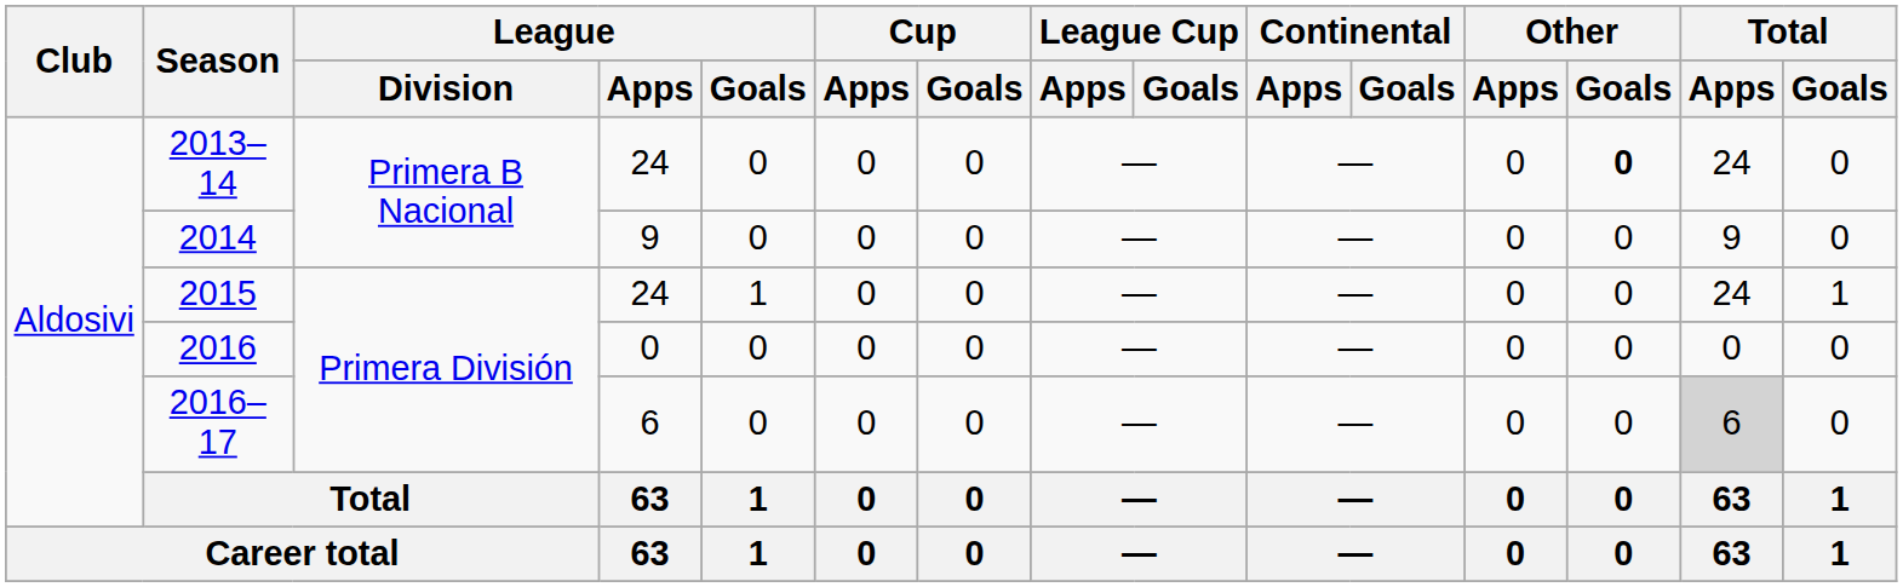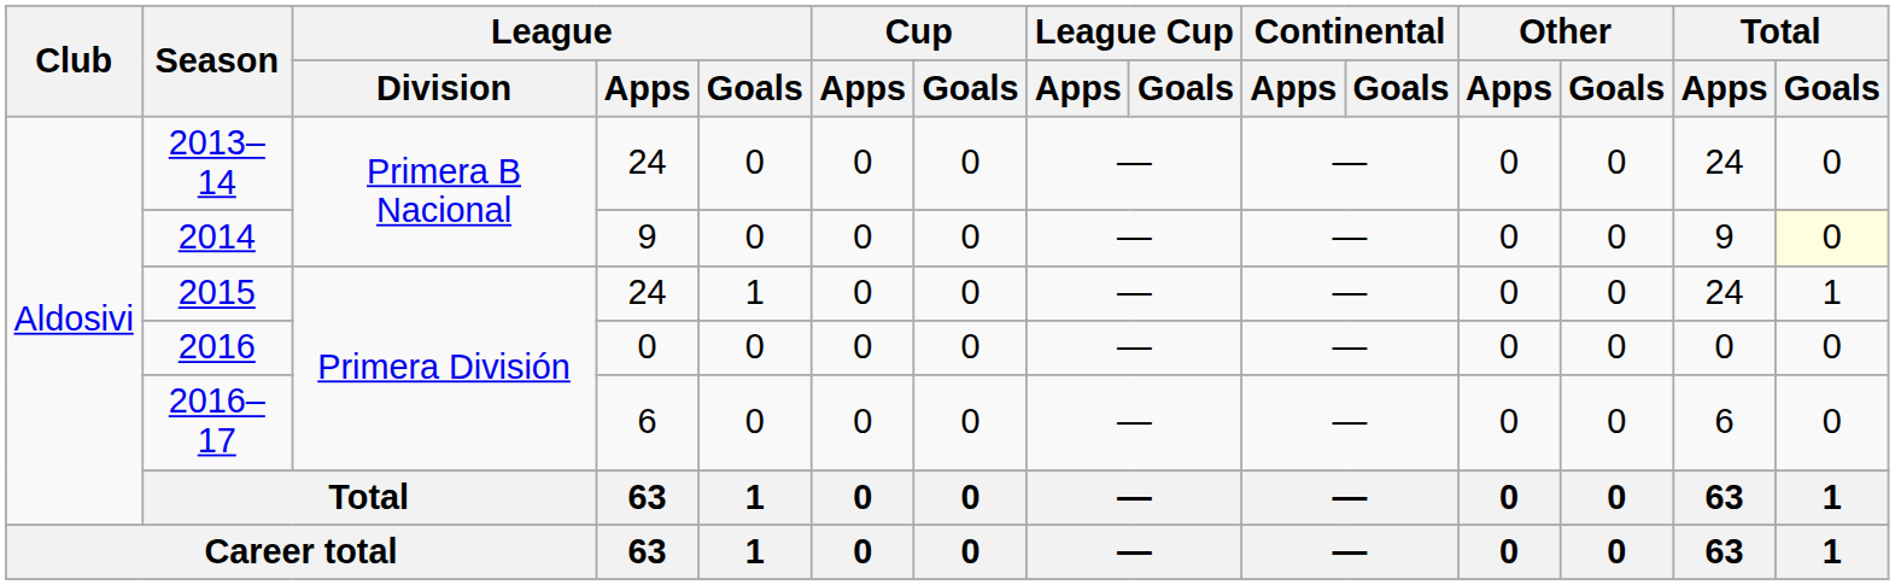 <table class="wikitable" style="text-align:center">
 <tr>
 <th rowspan="2">Club</th>
 <th rowspan="2">Season</th>
 <th colspan="3">League</th>
 <th colspan="2">Cup</th>
 <th colspan="2">League Cup</th>
 <th colspan="2">Continental</th>
 <th colspan="2">Other</th>
 <th colspan="2">Total</th>
 </tr>
 <tr>
 <th>Division</th>
 <th>Apps</th>
 <th>Goals</th>
 <th>Apps</th>
 <th>Goals</th>
 <th>Apps</th>
 <th>Goals</th>
 <th>Apps</th>
 <th>Goals</th>
 <th>Apps</th>
 <th>Goals</th>
 <th>Apps</th>
 <th>Goals</th>
 </tr>
 <tr>
 <td rowspan="6"><a href='#'>Aldosivi</a></td>
 <td><a href='#'>2013–14</a></td>
 <td rowspan="2"><a href='#'>Primera B Nacional</a></td>
 <td>24</td>
 <td>0</td>
 <td>0</td>
 <td>0</td>
 <td colspan="2">—</td>
 <td colspan="2">—</td>
 <td>0</td>
-<td><strong>0</strong></td>
+<td>0</td>
 <td>24</td>
 <td>0</td>
 </tr>
 <tr>
 <td><a href='#'>2014</a></td>
 <td>9</td>
 <td>0</td>
 <td>0</td>
 <td>0</td>
 <td colspan="2">—</td>
 <td colspan="2">—</td>
 <td>0</td>
 <td>0</td>
 <td>9</td>
-<td>0</td>
+<td style="background: lightyellow;">0</td>
 </tr>
 <tr>
 <td><a href='#'>2015</a></td>
 <td rowspan="3"><a href='#'>Primera División</a></td>
 <td>24</td>
 <td>1</td>
 <td>0</td>
 <td>0</td>
 <td colspan="2">—</td>
 <td colspan="2">—</td>
 <td>0</td>
 <td>0</td>
 <td>24</td>
 <td>1</td>
 </tr>
 <tr>
 <td><a href='#'>2016</a></td>
 <td>0</td>
 <td>0</td>
 <td>0</td>
 <td>0</td>
 <td colspan="2">—</td>
 <td colspan="2">—</td>
 <td>0</td>
 <td>0</td>
 <td>0</td>
 <td>0</td>
 </tr>
 <tr>
 <td><a href='#'>2016–17</a></td>
 <td>6</td>
 <td>0</td>
 <td>0</td>
 <td>0</td>
 <td colspan="2">—</td>
 <td colspan="2">—</td>
 <td>0</td>
 <td>0</td>
-<td style="background: lightgrey;">6</td>
+<td>6</td>
 <td>0</td>
 </tr>
 <tr>
 <th colspan="2">Total</th>
 <th>63</th>
 <th>1</th>
 <th>0</th>
 <th>0</th>
 <th colspan="2">—</th>
 <th colspan="2">—</th>
 <th>0</th>
 <th>0</th>
 <th>63</th>
 <th>1</th>
 </tr>
 <tr>
 <th colspan="3">Career total</th>
 <th>63</th>
 <th>1</th>
 <th>0</th>
 <th>0</th>
 <th colspan="2">—</th>
 <th colspan="2">—</th>
 <th>0</th>
 <th>0</th>
 <th>63</th>
 <th>1</th>
 </tr>
 </table>
